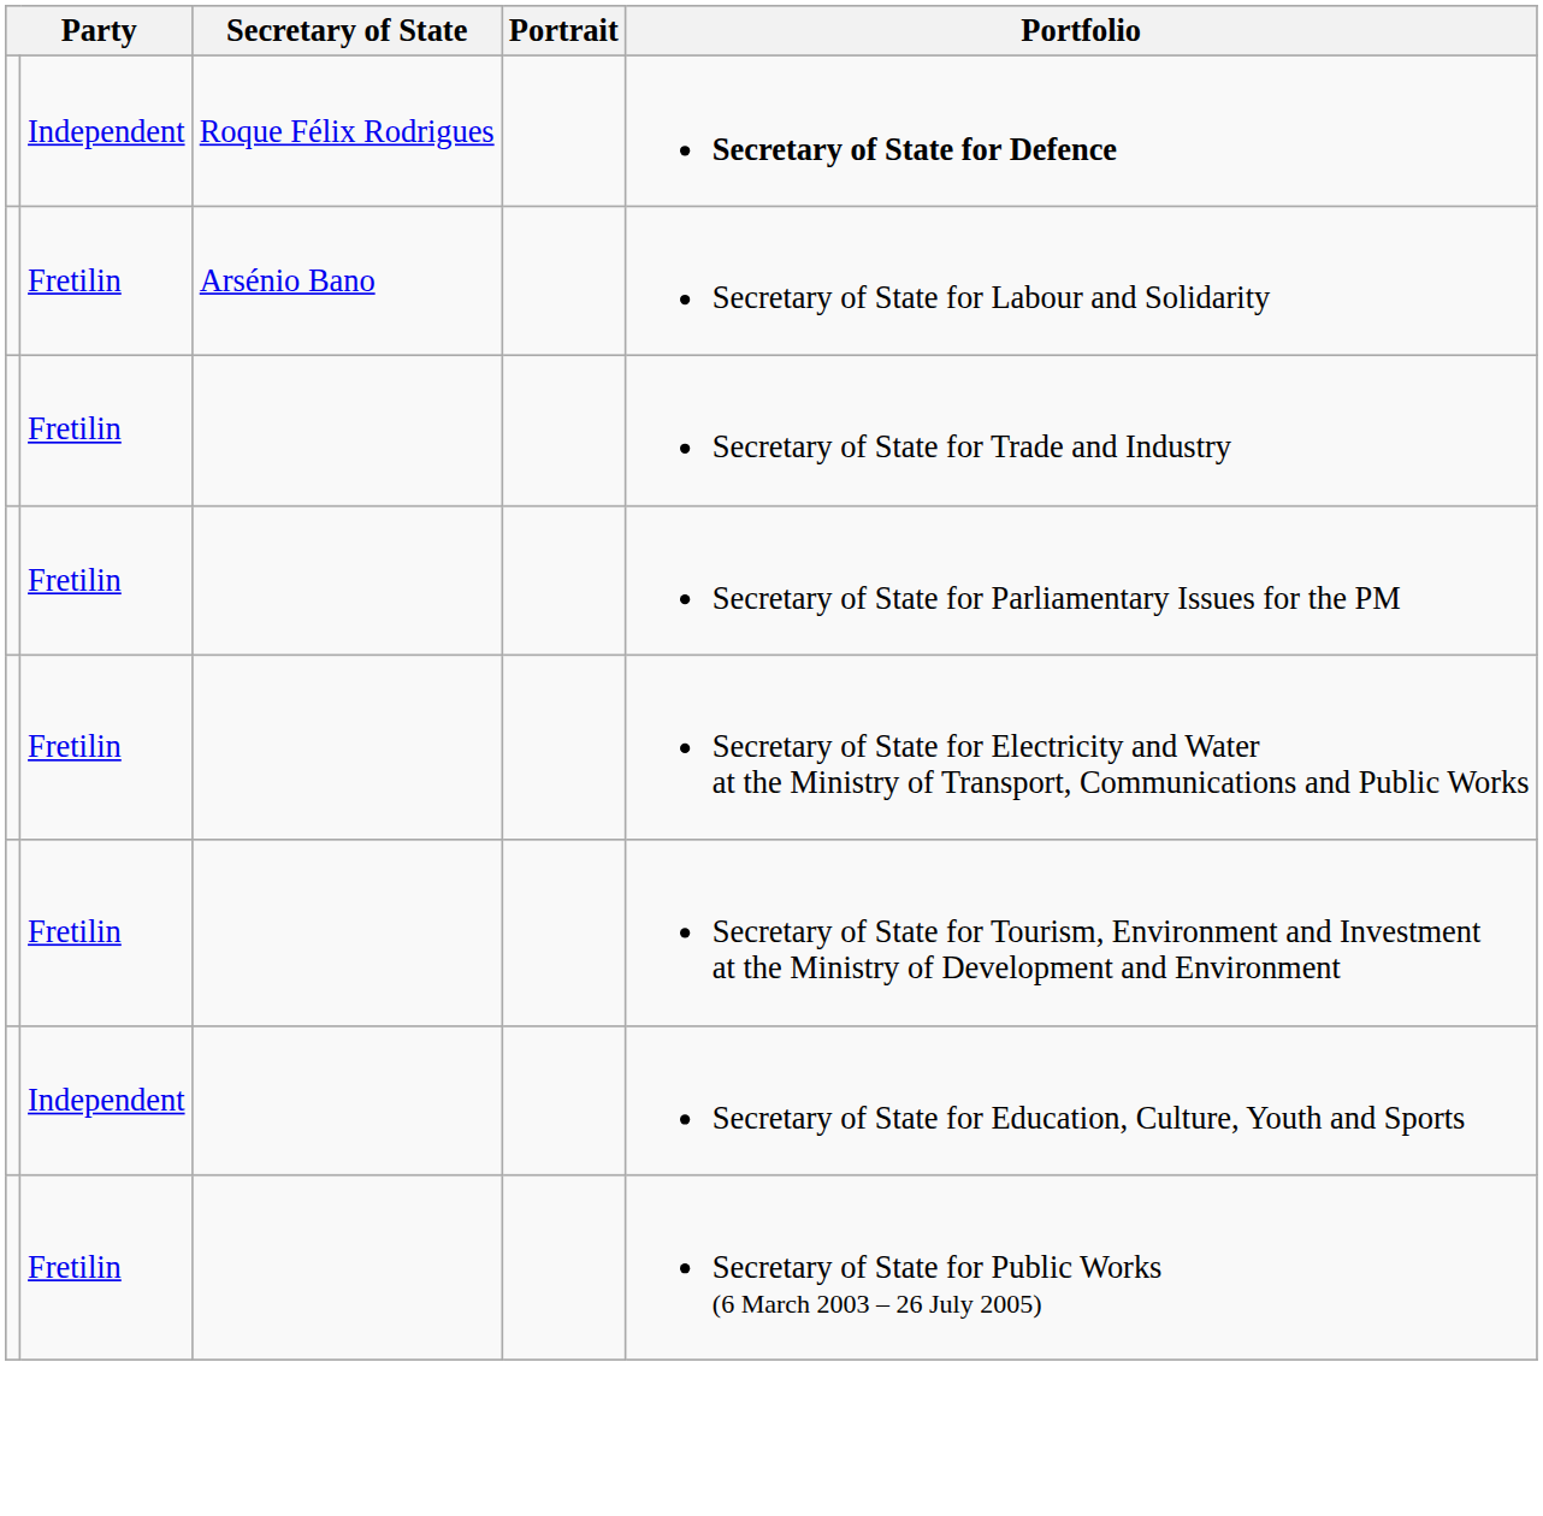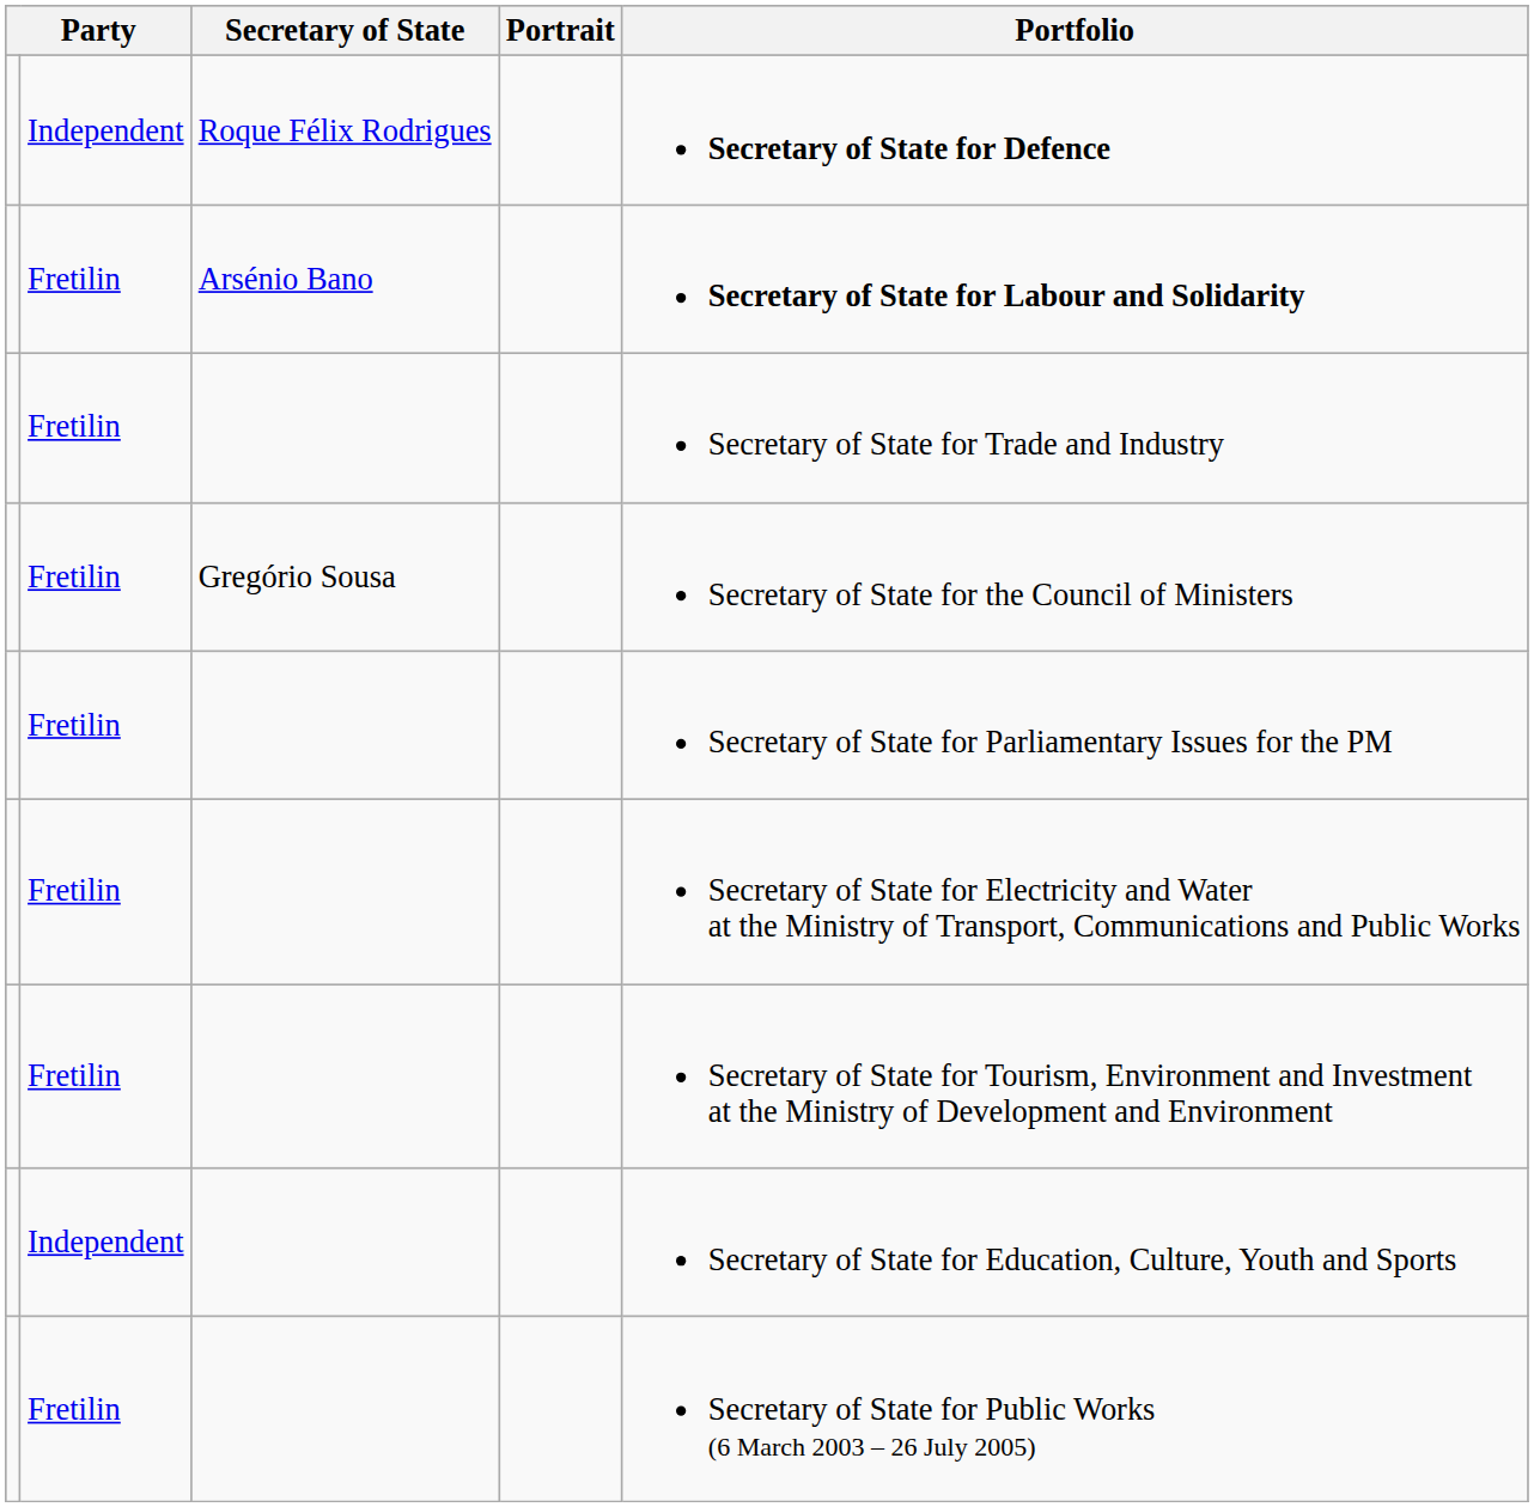 <table class="wikitable sortable">
 <tr>
 <th colspan="2">Party</th>
 <th>Secretary of State</th>
 <th>Portrait</th>
 <th>Portfolio</th>
 </tr>
 <tr>
 <td style="background:"></td>
 <td><a href='#'>Independent</a></td>
 <td><a href='#'>Roque Félix Rodrigues</a></td>
 <td></td>
 <td><strong><br><ul><li>Secretary of State for Defence</li></ul></strong></td>
 </tr>
 <tr>
 <td style="background:"></td>
 <td><a href='#'>Fretilin</a></td>
 <td><a href='#'>Arsénio Bano</a></td>
 <td></td>
-<td><br><ul><li>Secretary of State for Labour and Solidarity</li></ul></td>
+<td><strong><br><ul><li>Secretary of State for Labour and Solidarity</li></ul></strong></td>
 </tr>
 <tr>
 <td style="background:"></td>
 <td><a href='#'>Fretilin</a></td>
 <td></td>
 <td></td>
 <td><br><ul><li>Secretary of State for Trade and Industry</li></ul></td>
+</tr>
+<tr>
+<td style="background:"></td>
+<td><a href='#'>Fretilin</a></td>
+<td>Gregório Sousa</td>
+<td></td>
+<td><br><ul><li>Secretary of State for the Council of Ministers</li></ul></td>
 </tr>
 <tr>
 <td style="background:"></td>
 <td><a href='#'>Fretilin</a></td>
 <td></td>
 <td></td>
 <td><br><ul><li>Secretary of State for Parliamentary Issues for the PM</li></ul></td>
 </tr>
 <tr>
 <td style="background:"></td>
 <td><a href='#'>Fretilin</a></td>
 <td></td>
 <td></td>
 <td><br><ul><li>Secretary of State for Electricity and Water<br>at the Ministry of Transport, Communications and Public Works</li></ul></td>
 </tr>
 <tr>
 <td style="background:"></td>
 <td><a href='#'>Fretilin</a></td>
 <td></td>
 <td></td>
 <td><br><ul><li>Secretary of State for Tourism, Environment and Investment<br>at the Ministry of Development and Environment</li></ul></td>
 </tr>
 <tr>
 <td style="background:"></td>
 <td><a href='#'>Independent</a></td>
 <td></td>
 <td></td>
 <td><br><ul><li>Secretary of State for Education, Culture, Youth and Sports</li></ul></td>
 </tr>
 <tr>
 <td style="background:"></td>
 <td><a href='#'>Fretilin</a></td>
 <td></td>
 <td></td>
 <td><br><ul><li>Secretary of State for Public Works<br><small>(6 March 2003 – 26 July 2005)</small></li></ul></td>
 </tr>
 </table>
